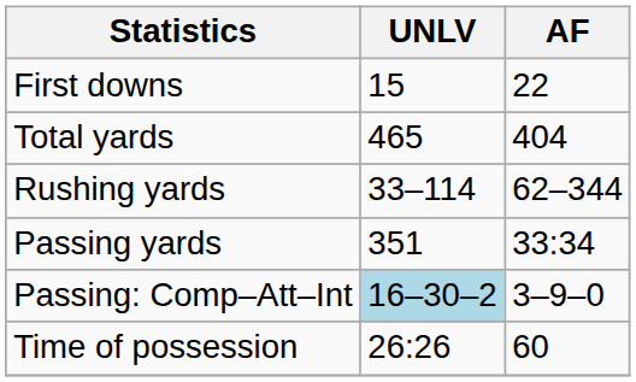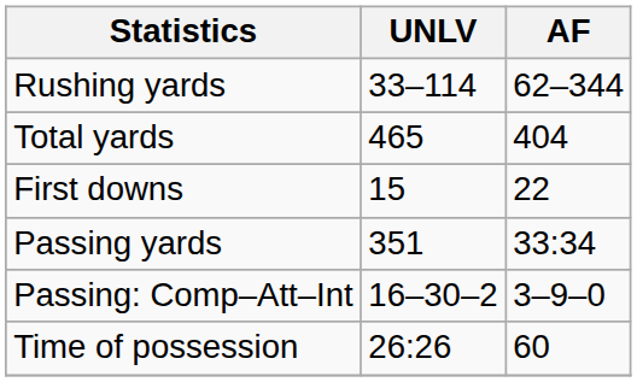 <table class="wikitable" style="float: left;">
 <tr>
 <th>Statistics</th>
 <th>UNLV</th>
 <th>AF</th>
 </tr>
 <tr>
-<td>First downs</td>
-<td>15</td>
-<td>22</td>
+<td>Rushing yards</td>
+<td>33–114</td>
+<td>62–344</td>
 </tr>
 <tr>
 <td>Total yards</td>
 <td>465</td>
 <td>404</td>
 </tr>
 <tr>
-<td>Rushing yards</td>
-<td>33–114</td>
-<td>62–344</td>
+<td>First downs</td>
+<td>15</td>
+<td>22</td>
 </tr>
 <tr>
 <td>Passing yards</td>
 <td>351</td>
 <td>33:34</td>
 </tr>
 <tr>
 <td>Passing: Comp–Att–Int</td>
-<td style="background: lightblue;">16–30–2</td>
+<td>16–30–2</td>
 <td>3–9–0</td>
 </tr>
 <tr>
 <td>Time of possession</td>
 <td>26:26</td>
 <td>60</td>
 </tr>
 <tr>
 </tr>
 </table>
